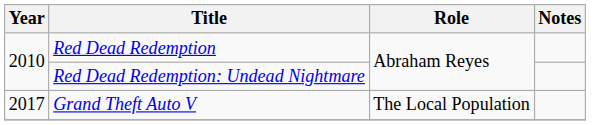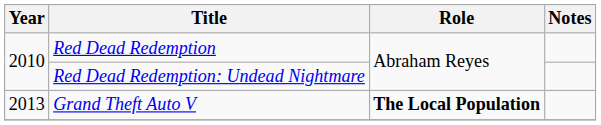 <table class="wikitable">
 <tr>
 <th>Year</th>
 <th>Title</th>
 <th>Role</th>
 <th>Notes</th>
 </tr>
 <tr>
 <td rowspan="2">2010</td>
 <td><em><a href='#'>Red Dead Redemption</a></em></td>
 <td rowspan="2">Abraham Reyes</td>
 <td></td>
 </tr>
 <tr>
 <td><em><a href='#'>Red Dead Redemption: Undead Nightmare</a></em></td>
 <td></td>
 </tr>
 <tr>
-<td>2017</td>
+<td>2013</td>
 <td><em><a href='#'>Grand Theft Auto V</a></em></td>
-<td>The Local Population</td>
+<td><strong>The Local Population</strong></td>
 <td></td>
 </tr>
 <tr>
 </tr>
 </table>
